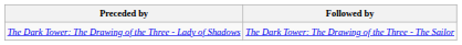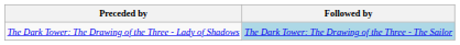 <table class="wikitable">
 <tr>
 <th><small><strong>Preceded by</strong></small></th>
 <th><small><strong>Followed by</strong></small></th>
 </tr>
 <tr>
 <td><small><em><a href='#'>The Dark Tower: The Drawing of the Three - Lady of Shadows</a></em></small></td>
-<td><small><em><a href='#'>The Dark Tower: The Drawing of the Three - The Sailor</a></em></small></td>
+<td style="background: lightblue;"><small><em><a href='#'>The Dark Tower: The Drawing of the Three - The Sailor</a></em></small></td>
 </tr>
 </table>
